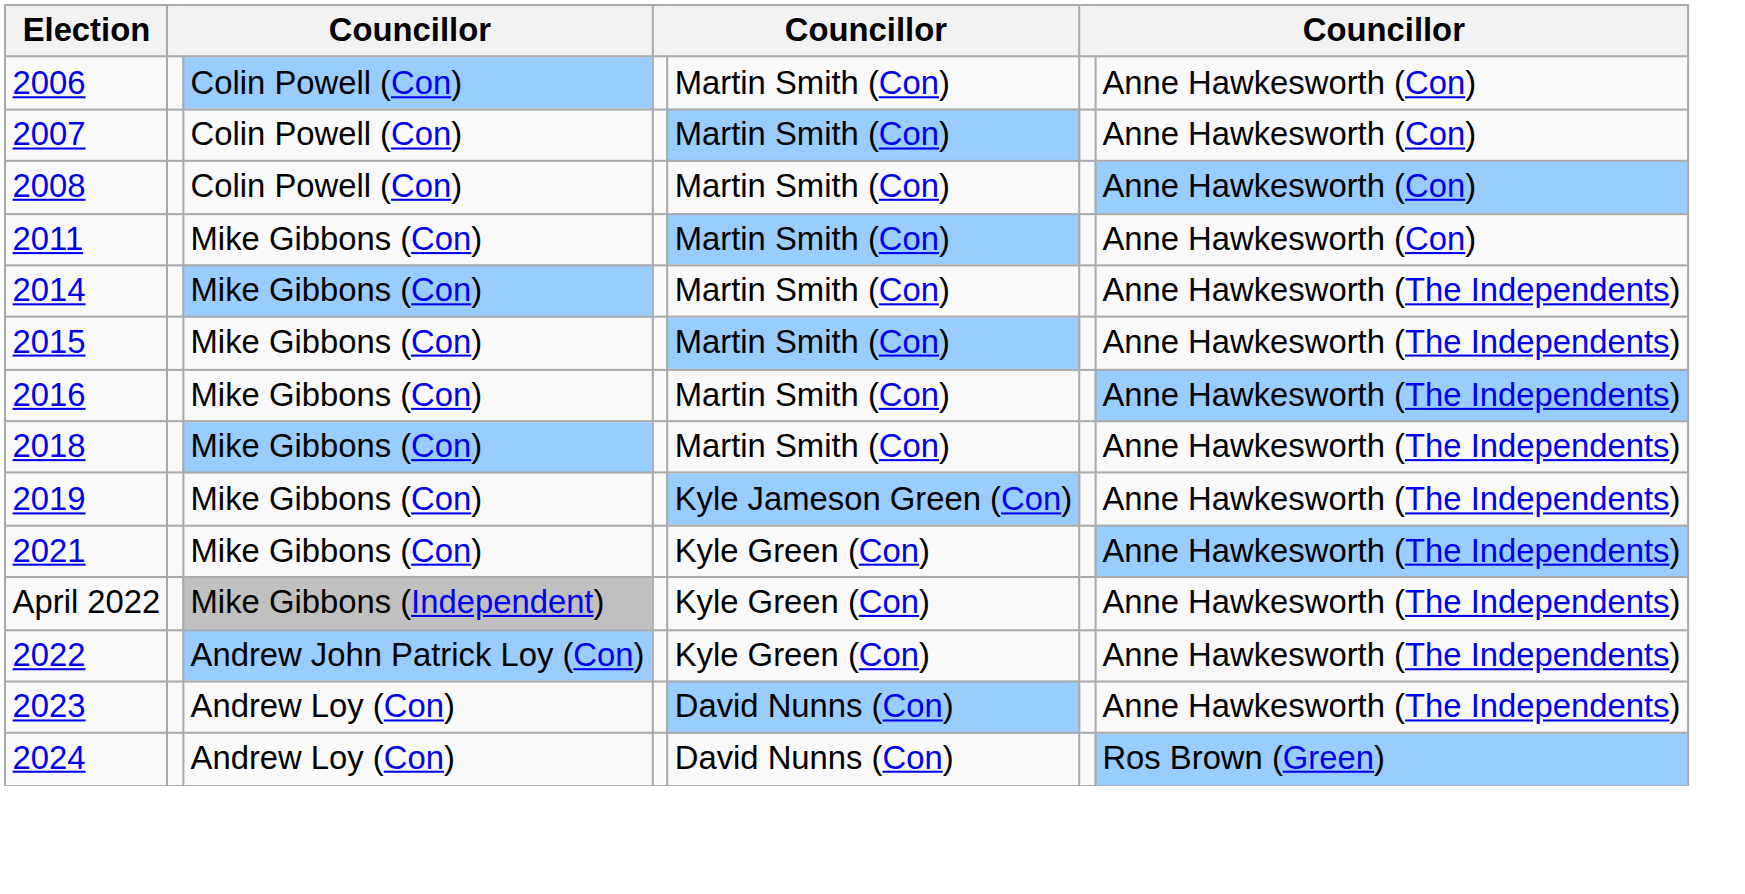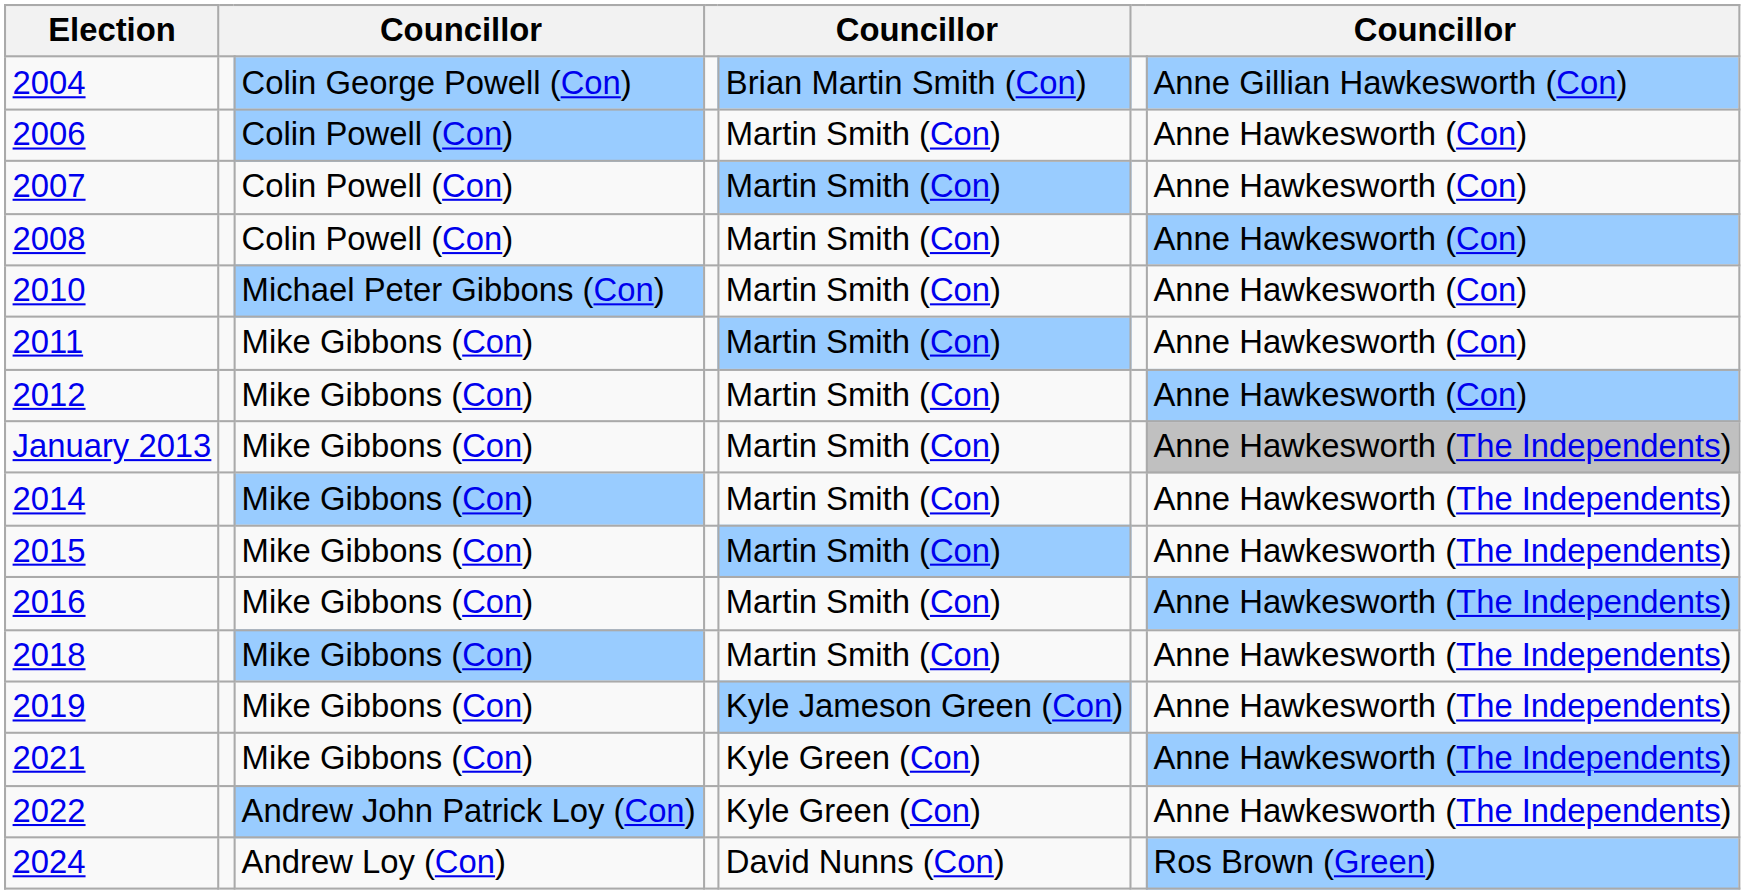 <table class="wikitable">
 <tr>
 <th>Election</th>
 <th colspan="2">Councillor</th>
 <th colspan="2">Councillor</th>
 <th colspan="2">Councillor</th>
+</tr>
+<tr>
+<td><a href='#'>2004</a></td>
+<td style="background-color: "></td>
+<td bgcolor="#99CCFF">Colin George Powell (<a href='#'>Con</a>)</td>
+<td style="background-color: "></td>
+<td bgcolor="#99CCFF">Brian Martin Smith (<a href='#'>Con</a>)</td>
+<td style="background-color: "></td>
+<td bgcolor="#99CCFF">Anne Gillian Hawkesworth (<a href='#'>Con</a>)</td>
 </tr>
 <tr>
 <td><a href='#'>2006</a></td>
 <td style="background-color: "></td>
 <td bgcolor="#99CCFF">Colin Powell (<a href='#'>Con</a>)</td>
 <td style="background-color: "></td>
 <td>Martin Smith (<a href='#'>Con</a>)</td>
 <td style="background-color: "></td>
 <td>Anne Hawkesworth (<a href='#'>Con</a>)</td>
 </tr>
 <tr>
 <td><a href='#'>2007</a></td>
 <td style="background-color: "></td>
 <td>Colin Powell (<a href='#'>Con</a>)</td>
 <td style="background-color: "></td>
 <td bgcolor="#99CCFF">Martin Smith (<a href='#'>Con</a>)</td>
 <td style="background-color: "></td>
 <td>Anne Hawkesworth (<a href='#'>Con</a>)</td>
 </tr>
 <tr>
 <td><a href='#'>2008</a></td>
 <td style="background-color: "></td>
 <td>Colin Powell (<a href='#'>Con</a>)</td>
 <td style="background-color: "></td>
 <td>Martin Smith (<a href='#'>Con</a>)</td>
 <td style="background-color: "></td>
 <td bgcolor="#99CCFF">Anne Hawkesworth (<a href='#'>Con</a>)</td>
 </tr>
 <tr>
+<td><a href='#'>2010</a></td>
+<td style="background-color: "></td>
+<td bgcolor="#99CCFF">Michael Peter Gibbons (<a href='#'>Con</a>)</td>
+<td style="background-color: "></td>
+<td>Martin Smith (<a href='#'>Con</a>)</td>
+<td style="background-color: "></td>
+<td>Anne Hawkesworth (<a href='#'>Con</a>)</td>
+</tr>
+<tr>
 <td><a href='#'>2011</a></td>
 <td style="background-color: "></td>
 <td>Mike Gibbons (<a href='#'>Con</a>)</td>
 <td style="background-color: "></td>
 <td bgcolor="#99CCFF">Martin Smith (<a href='#'>Con</a>)</td>
 <td style="background-color: "></td>
 <td>Anne Hawkesworth (<a href='#'>Con</a>)</td>
+</tr>
+<tr>
+<td><a href='#'>2012</a></td>
+<td style="background-color: "></td>
+<td>Mike Gibbons (<a href='#'>Con</a>)</td>
+<td style="background-color: "></td>
+<td>Martin Smith (<a href='#'>Con</a>)</td>
+<td style="background-color: "></td>
+<td bgcolor="#99CCFF">Anne Hawkesworth (<a href='#'>Con</a>)</td>
+</tr>
+<tr>
+<td><a href='#'>January 2013</a></td>
+<td style="background-color: "></td>
+<td>Mike Gibbons (<a href='#'>Con</a>)</td>
+<td style="background-color: "></td>
+<td>Martin Smith (<a href='#'>Con</a>)</td>
+<td style="background-color: "></td>
+<td bgcolor="#C0C0C0">Anne Hawkesworth (<a href='#'>The Independents</a>)</td>
 </tr>
 <tr>
 <td><a href='#'>2014</a></td>
 <td style="background-color: "></td>
 <td bgcolor="#99CCFF">Mike Gibbons (<a href='#'>Con</a>)</td>
 <td style="background-color: "></td>
 <td>Martin Smith (<a href='#'>Con</a>)</td>
 <td style="background-color: "></td>
 <td>Anne Hawkesworth (<a href='#'>The Independents</a>)</td>
 </tr>
 <tr>
 <td><a href='#'>2015</a></td>
 <td style="background-color: "></td>
 <td>Mike Gibbons (<a href='#'>Con</a>)</td>
 <td style="background-color: "></td>
 <td bgcolor="#99CCFF">Martin Smith (<a href='#'>Con</a>)</td>
 <td style="background-color: "></td>
 <td>Anne Hawkesworth (<a href='#'>The Independents</a>)</td>
 </tr>
 <tr>
 <td><a href='#'>2016</a></td>
 <td style="background-color: "></td>
 <td>Mike Gibbons (<a href='#'>Con</a>)</td>
 <td style="background-color: "></td>
 <td>Martin Smith (<a href='#'>Con</a>)</td>
 <td style="background-color: "></td>
 <td bgcolor="#99CCFF">Anne Hawkesworth (<a href='#'>The Independents</a>)</td>
 </tr>
 <tr>
 <td><a href='#'>2018</a></td>
 <td style="background-color: "></td>
 <td bgcolor="#99CCFF">Mike Gibbons (<a href='#'>Con</a>)</td>
 <td style="background-color: "></td>
 <td>Martin Smith (<a href='#'>Con</a>)</td>
 <td style="background-color: "></td>
 <td>Anne Hawkesworth (<a href='#'>The Independents</a>)</td>
 </tr>
 <tr>
 <td><a href='#'>2019</a></td>
 <td style="background-color: "></td>
 <td>Mike Gibbons (<a href='#'>Con</a>)</td>
 <td style="background-color: "></td>
 <td bgcolor="#99CCFF">Kyle Jameson Green (<a href='#'>Con</a>)</td>
 <td style="background-color: "></td>
 <td>Anne Hawkesworth (<a href='#'>The Independents</a>)</td>
 </tr>
 <tr>
 <td><a href='#'>2021</a></td>
 <td style="background-color: "></td>
 <td>Mike Gibbons (<a href='#'>Con</a>)</td>
 <td style="background-color: "></td>
 <td>Kyle Green (<a href='#'>Con</a>)</td>
 <td style="background-color: "></td>
 <td bgcolor="#99CCFF">Anne Hawkesworth (<a href='#'>The Independents</a>)</td>
 </tr>
 <tr>
-<td>April 2022</td>
-<td style="background-color: "></td>
-<td bgcolor="#C0C0C0">Mike Gibbons (<a href='#'>Independent</a>)</td>
-<td style="background-color: "></td>
-<td>Kyle Green (<a href='#'>Con</a>)</td>
-<td style="background-color: "></td>
-<td>Anne Hawkesworth (<a href='#'>The Independents</a>)</td>
-</tr>
-<tr>
 <td><a href='#'>2022</a></td>
 <td style="background-color: "></td>
 <td bgcolor="#99CCFF">Andrew John Patrick Loy (<a href='#'>Con</a>)</td>
 <td style="background-color: "></td>
 <td>Kyle Green (<a href='#'>Con</a>)</td>
-<td style="background-color: "></td>
-<td>Anne Hawkesworth (<a href='#'>The Independents</a>)</td>
-</tr>
-<tr>
-<td><a href='#'>2023</a></td>
-<td style="background-color: "></td>
-<td>Andrew Loy (<a href='#'>Con</a>)</td>
-<td style="background-color: "></td>
-<td bgcolor="#99CCFF">David Nunns (<a href='#'>Con</a>)</td>
 <td style="background-color: "></td>
 <td>Anne Hawkesworth (<a href='#'>The Independents</a>)</td>
 </tr>
 <tr>
 <td><a href='#'>2024</a></td>
 <td style="background-color: "></td>
 <td>Andrew Loy (<a href='#'>Con</a>)</td>
 <td style="background-color: "></td>
 <td>David Nunns (<a href='#'>Con</a>)</td>
 <td style="background-color: "></td>
 <td bgcolor="#99CCFF">Ros Brown (<a href='#'>Green</a>)</td>
 </tr>
 </table>
